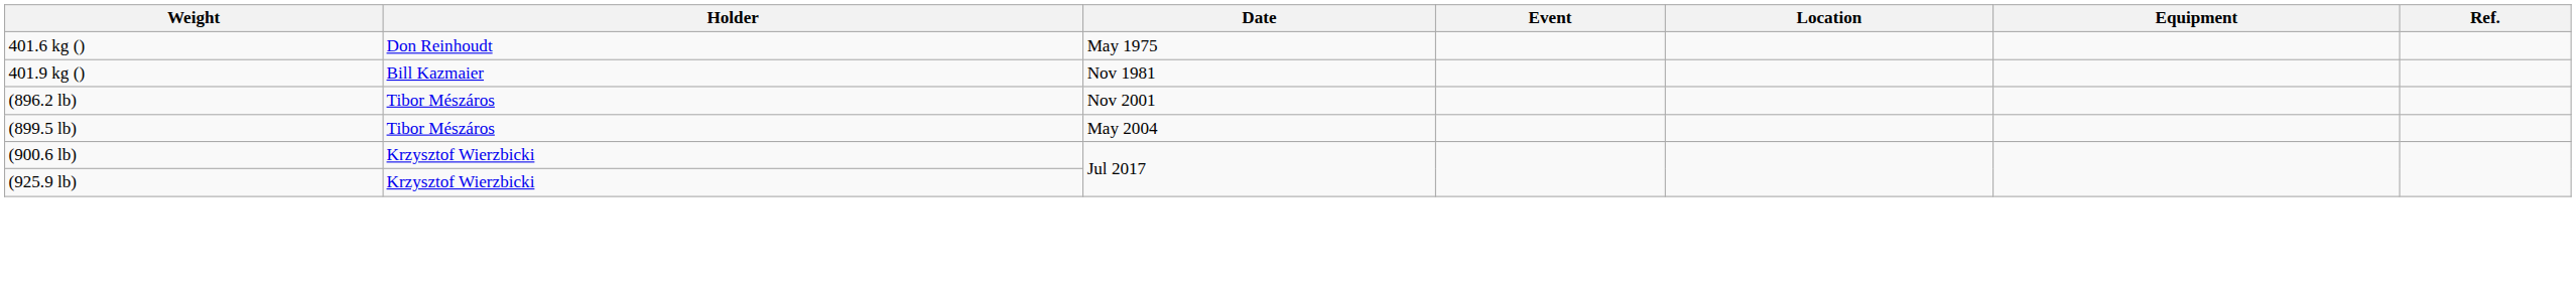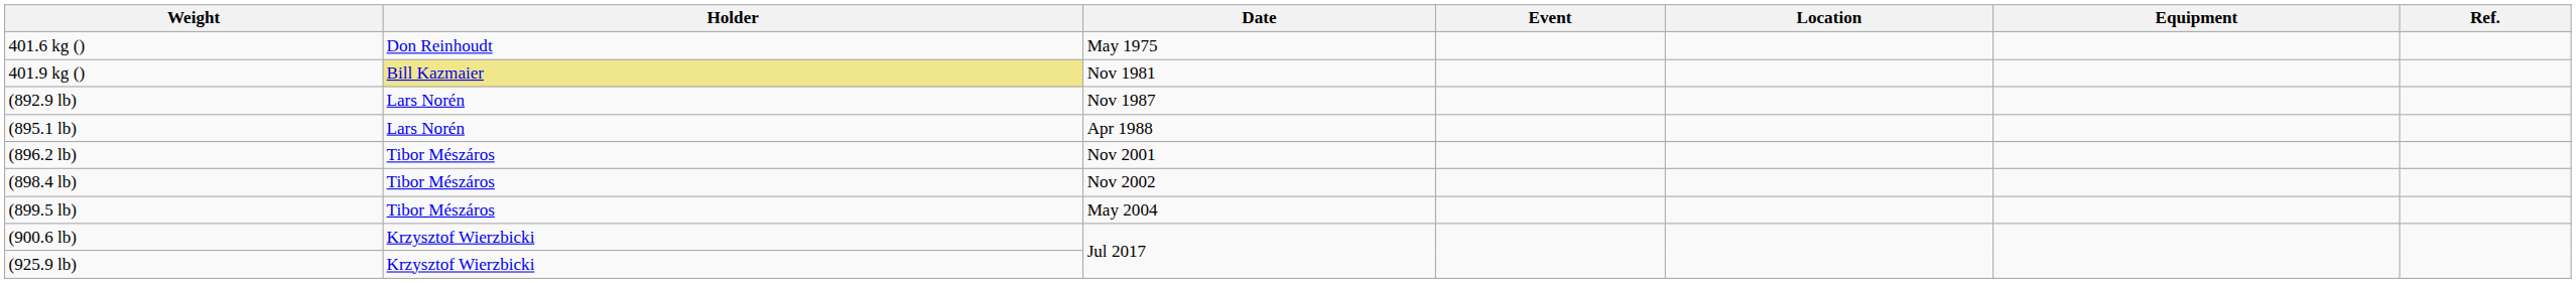 <table class="wikitable sortable" style="display: inline-table;width: 120%;">
 <tr>
 <th scope="col">Weight</th>
 <th scope="col">Holder</th>
 <th scope="col" class="unsortable">Date</th>
 <th scope="col" class="unsortable">Event</th>
 <th scope="col">Location</th>
 <th scope="col" class="unsortable">Equipment</th>
 <th scope="col" class="unsortable">Ref.</th>
 </tr>
 <tr>
 <td>401.6 kg ()</td>
 <td> <a href='#'>Don Reinhoudt</a></td>
 <td>May 1975</td>
 <td></td>
 <td></td>
 <td></td>
 <td></td>
 </tr>
 <tr>
 <td>401.9 kg ()</td>
-<td> <a href='#'>Bill Kazmaier</a></td>
+<td style="background: khaki;"> <a href='#'>Bill Kazmaier</a></td>
 <td>Nov 1981</td>
+<td></td>
+<td></td>
+<td></td>
+<td></td>
+</tr>
+<tr>
+<td> (892.9 lb)</td>
+<td> <a href='#'>Lars Norén</a></td>
+<td>Nov 1987</td>
+<td></td>
+<td></td>
+<td></td>
+<td></td>
+</tr>
+<tr>
+<td> (895.1 lb)</td>
+<td> <a href='#'>Lars Norén</a></td>
+<td>Apr 1988</td>
 <td></td>
 <td></td>
 <td></td>
 <td></td>
 </tr>
 <tr>
 <td> (896.2 lb)</td>
 <td> <a href='#'>Tibor Mészáros</a></td>
 <td>Nov 2001</td>
+<td></td>
+<td></td>
+<td></td>
+<td></td>
+</tr>
+<tr>
+<td> (898.4 lb)</td>
+<td> <a href='#'>Tibor Mészáros</a></td>
+<td>Nov 2002</td>
 <td></td>
 <td></td>
 <td></td>
 <td></td>
 </tr>
 <tr>
 <td> (899.5 lb)</td>
 <td> <a href='#'>Tibor Mészáros</a></td>
 <td>May 2004</td>
 <td></td>
 <td></td>
 <td></td>
 <td></td>
 </tr>
 <tr>
 <td> (900.6 lb) </td>
 <td> <a href='#'>Krzysztof Wierzbicki</a></td>
 <td rowspan="2">Jul 2017</td>
 <td rowspan="2"></td>
 <td rowspan="2"></td>
 <td rowspan="2"></td>
 <td rowspan="2"></td>
 </tr>
 <tr>
 <td> (925.9 lb) </td>
 <td> <a href='#'>Krzysztof Wierzbicki</a></td>
 </tr>
 </table>
